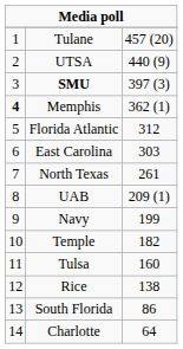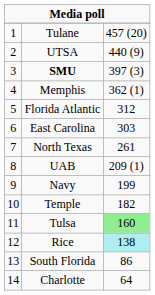 <table class="wikitable">
 <tr align="center">
 <td align="center" Colspan="3"><strong>Media poll</strong></td>
 </tr>
 <tr align="center">
 </tr>
 <tr align="center">
 <td>1</td>
 <td>Tulane</td>
 <td>457 (20)</td>
 </tr>
 <tr align="center">
 <td>2</td>
 <td>UTSA</td>
 <td>440 (9)</td>
 </tr>
 <tr align="center">
 <td>3</td>
 <td><strong>SMU</strong></td>
 <td>397 (3)</td>
 </tr>
 <tr align="center">
-<td><strong>4</strong></td>
+<td>4</td>
 <td>Memphis</td>
 <td>362 (1)</td>
 </tr>
 <tr align="center">
 <td>5</td>
 <td>Florida Atlantic</td>
 <td>312</td>
 </tr>
 <tr align="center">
 <td>6</td>
 <td>East Carolina</td>
 <td>303</td>
 </tr>
 <tr align="center">
 <td>7</td>
 <td>North Texas</td>
 <td>261</td>
 </tr>
 <tr align="center">
 <td>8</td>
 <td>UAB</td>
 <td>209 (1)</td>
 </tr>
 <tr align="center">
 <td>9</td>
 <td>Navy</td>
 <td>199</td>
 </tr>
 <tr align="center">
 <td>10</td>
 <td>Temple</td>
 <td>182</td>
 </tr>
 <tr align="center">
 <td>11</td>
 <td>Tulsa</td>
-<td>160</td>
+<td style="background: lightgreen;">160</td>
 </tr>
 <tr align="center">
 <td>12</td>
 <td>Rice</td>
-<td>138</td>
+<td style="background: paleturquoise;">138</td>
 </tr>
 <tr align="center">
 <td>13</td>
 <td>South Florida</td>
 <td>86</td>
 </tr>
 <tr align="center">
 <td>14</td>
 <td>Charlotte</td>
 <td>64</td>
 </tr>
 </table>
